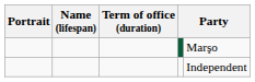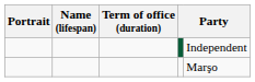 <table class="wikitable">
 <tr>
 <th>Portrait</th>
 <th>Name<br><small>(lifespan)</small></th>
 <th>Term of office<br><small>(duration)</small></th>
 <th colspan=2>Party</th>
 </tr>
 <tr>
 <td></td>
 <td></td>
 <td></td>
 <td style="background-color:#085C38"></td>
-<td>Marşo</td>
+<td>Independent</td>
 </tr>
 <tr>
 <td></td>
 <td></td>
 <td></td>
 <td style="background-color:"></td>
-<td>Independent</td>
+<td>Marşo</td>
 </tr>
 </table>
